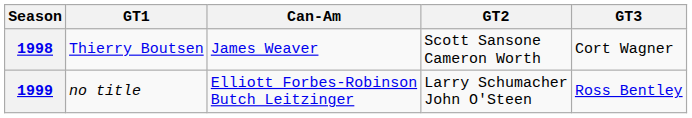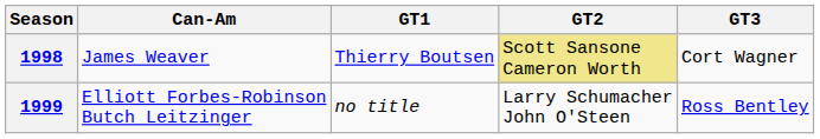 <table class="wikitable" font:size="95%">
 <tr>
 <th>Season</th>
+<th>Can-Am</th>
 <th>GT1</th>
-<th>Can-Am</th>
 <th>GT2</th>
 <th>GT3</th>
 </tr>
 <tr>
 <th><a href='#'>1998</a></th>
+<td> <a href='#'>James Weaver</a></td>
 <td> <a href='#'>Thierry Boutsen</a></td>
-<td> <a href='#'>James Weaver</a></td>
-<td> Scott Sansone<br> Cameron Worth</td>
+<td style="background: khaki;"> Scott Sansone<br> Cameron Worth</td>
 <td> Cort Wagner</td>
 </tr>
 <tr>
 <th><a href='#'>1999</a></th>
+<td> <a href='#'>Elliott Forbes-Robinson</a><br> <a href='#'>Butch Leitzinger</a></td>
 <td><em>no title</em></td>
-<td> <a href='#'>Elliott Forbes-Robinson</a><br> <a href='#'>Butch Leitzinger</a></td>
 <td> Larry Schumacher<br> John O'Steen</td>
 <td> <a href='#'>Ross Bentley</a></td>
 </tr>
 </table>
